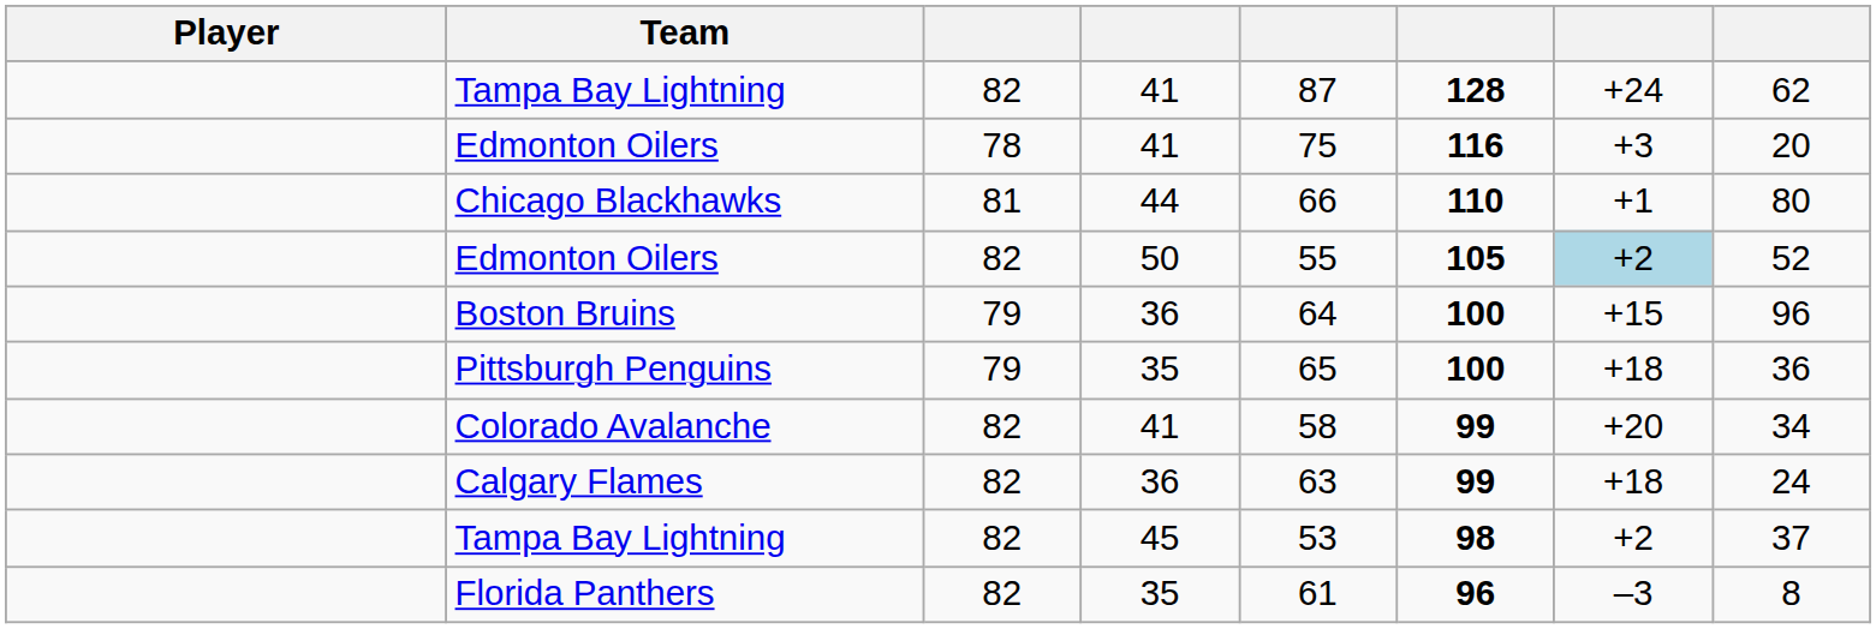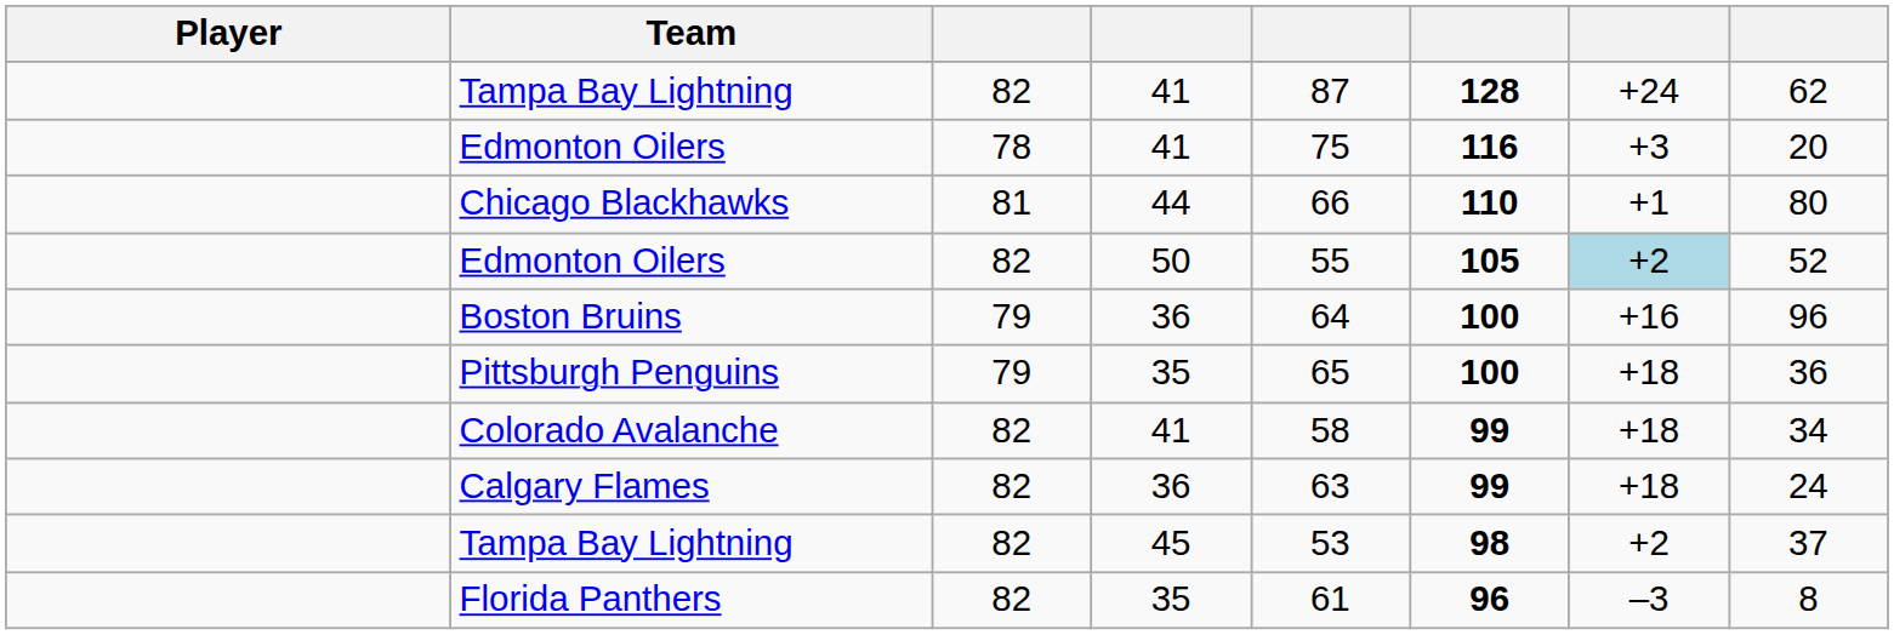 <table class="wikitable sortable">
 <tr>
 <th style="width: 12em;">Player</th>
 <th style="width: 13em;">Team</th>
 <th style="width: 4em;"></th>
 <th style="width: 4em;"></th>
 <th style="width: 4em;"></th>
 <th style="width: 4em;"></th>
 <th data-sort-type="number" style="width: 4em;"></th>
 <th style="width: 4em;"></th>
 </tr>
 <tr style="text-align:center;">
 <td style="text-align:left;"></td>
 <td style="text-align:left;"><a href='#'>Tampa Bay Lightning</a></td>
 <td>82</td>
 <td>41</td>
 <td>87</td>
 <td><strong>128</strong></td>
 <td>+24</td>
 <td>62</td>
 </tr>
 <tr style="text-align:center;">
 <td style="text-align:left;"></td>
 <td style="text-align:left;"><a href='#'>Edmonton Oilers</a></td>
 <td>78</td>
 <td>41</td>
 <td>75</td>
 <td><strong>116</strong></td>
 <td>+3</td>
 <td>20</td>
 </tr>
 <tr style="text-align:center;">
 <td style="text-align:left;"></td>
 <td style="text-align:left;"><a href='#'>Chicago Blackhawks</a></td>
 <td>81</td>
 <td>44</td>
 <td>66</td>
 <td><strong>110</strong></td>
 <td>+1</td>
 <td>80</td>
 </tr>
 <tr style="text-align:center;">
 <td style="text-align:left;"></td>
 <td style="text-align:left;"><a href='#'>Edmonton Oilers</a></td>
 <td>82</td>
 <td>50</td>
 <td>55</td>
 <td><strong>105</strong></td>
 <td style="background: lightblue;">+2</td>
 <td>52</td>
 </tr>
 <tr style="text-align:center;">
 <td style="text-align:left;"></td>
 <td style="text-align:left;"><a href='#'>Boston Bruins</a></td>
 <td>79</td>
 <td>36</td>
 <td>64</td>
 <td><strong>100</strong></td>
-<td>+15</td>
+<td>+16</td>
 <td>96</td>
 </tr>
 <tr style="text-align:center;">
 <td style="text-align:left;"></td>
 <td style="text-align:left;"><a href='#'>Pittsburgh Penguins</a></td>
 <td>79</td>
 <td>35</td>
 <td>65</td>
 <td><strong>100</strong></td>
 <td>+18</td>
 <td>36</td>
 </tr>
 <tr style="text-align:center;">
 <td style="text-align:left;"></td>
 <td style="text-align:left;"><a href='#'>Colorado Avalanche</a></td>
 <td>82</td>
 <td>41</td>
 <td>58</td>
 <td><strong>99</strong></td>
-<td>+20</td>
+<td>+18</td>
 <td>34</td>
 </tr>
 <tr style="text-align:center;">
 <td style="text-align:left;"></td>
 <td style="text-align:left;"><a href='#'>Calgary Flames</a></td>
 <td>82</td>
 <td>36</td>
 <td>63</td>
 <td><strong>99</strong></td>
 <td>+18</td>
 <td>24</td>
 </tr>
 <tr style="text-align:center;">
 <td style="text-align:left;"></td>
 <td style="text-align:left;"><a href='#'>Tampa Bay Lightning</a></td>
 <td>82</td>
 <td>45</td>
 <td>53</td>
 <td><strong>98</strong></td>
 <td>+2</td>
 <td>37</td>
 </tr>
 <tr style="text-align:center;">
 <td style="text-align:left;"></td>
 <td style="text-align:left;"><a href='#'>Florida Panthers</a></td>
 <td>82</td>
 <td>35</td>
 <td>61</td>
 <td><strong>96</strong></td>
 <td>–3</td>
 <td>8</td>
 </tr>
 </table>
